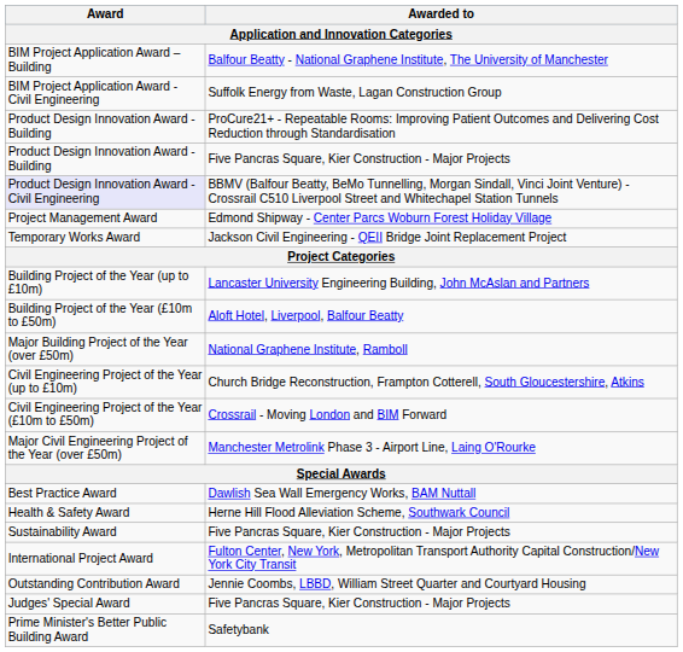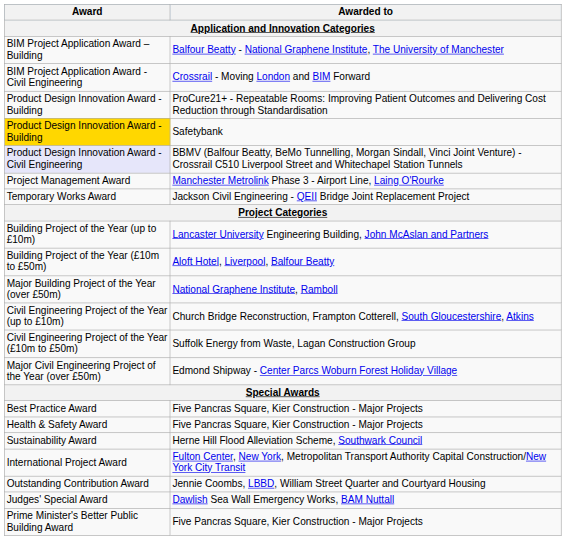 <table class="wikitable mw-collapsible mw-collapsed" border="0" cellpadding="2" cellspacing="2" align="center" width="70%">
 <tr bgcolor="#99CCFF">
 <th align="left" valign="top">Award</th>
 <th align="left" valign="top">Awarded to</th>
 </tr>
 <tr>
 <th colspan="2"><u>Application and Innovation Categories</u></th>
 </tr>
 <tr>
 <td>BIM Project Application Award – Building</td>
 <td><a href='#'>Balfour Beatty</a> - <a href='#'>National Graphene Institute</a>, <a href='#'>The University of Manchester</a></td>
 </tr>
 <tr>
 <td>BIM  Project Application Award - Civil Engineering</td>
-<td>Suffolk Energy from Waste, Lagan Construction Group</td>
+<td><a href='#'>Crossrail</a>  - Moving <a href='#'>London</a> and <a href='#'>BIM</a> Forward</td>
 </tr>
 <tr>
 <td>Product Design Innovation Award - Building</td>
 <td>ProCure21+ - Repeatable Rooms: Improving Patient Outcomes and  Delivering Cost Reduction through Standardisation</td>
 </tr>
 <tr>
-<td>Product Design Innovation Award - Building</td>
-<td>Five Pancras Square, Kier Construction - Major Projects</td>
+<td style="background: gold;">Product Design Innovation Award - Building</td>
+<td>Safetybank</td>
 </tr>
 <tr>
 <td style="background: lavender;">Product Design Innovation Award - Civil Engineering</td>
 <td>BBMV (Balfour Beatty, BeMo Tunnelling, Morgan Sindall, Vinci  Joint Venture) - Crossrail C510 Liverpool Street and Whitechapel Station  Tunnels</td>
 </tr>
 <tr>
 <td>Project  Management Award</td>
-<td>Edmond Shipway - <a href='#'>Center Parcs Woburn Forest Holiday Village</a></td>
+<td><a href='#'>Manchester Metrolink</a> Phase 3 - Airport Line, <a href='#'>Laing O'Rourke</a></td>
 </tr>
 <tr>
 <td>Temporary Works Award</td>
 <td>Jackson Civil Engineering - <a href='#'>QEII</a> Bridge Joint Replacement Project</td>
 </tr>
 <tr>
 <th colspan="2"><u>Project Categories</u></th>
 </tr>
 <tr>
 <td>Building Project of the Year (up to £10m)</td>
 <td><a href='#'>Lancaster University</a> Engineering Building, <a href='#'>John McAslan and Partners</a></td>
 </tr>
 <tr>
 <td>Building Project of the Year (£10m to £50m)</td>
 <td><a href='#'>Aloft Hotel</a>, <a href='#'>Liverpool</a>, <a href='#'>Balfour Beatty</a></td>
 </tr>
 <tr>
 <td>Major Building Project of the Year (over £50m)</td>
 <td><a href='#'>National Graphene Institute</a>, <a href='#'>Ramboll</a></td>
 </tr>
 <tr>
 <td>Civil Engineering Project of the Year (up to £10m)</td>
 <td>Church Bridge Reconstruction, Frampton Cotterell, <a href='#'>South Gloucestershire</a>, <a href='#'>Atkins</a></td>
 </tr>
 <tr>
 <td>Civil Engineering Project of the Year (£10m to £50m)</td>
-<td><a href='#'>Crossrail</a>  - Moving <a href='#'>London</a> and <a href='#'>BIM</a> Forward</td>
+<td>Suffolk Energy from Waste, Lagan Construction Group</td>
 </tr>
 <tr>
 <td>Major Civil Engineering Project of the Year (over £50m)</td>
-<td><a href='#'>Manchester Metrolink</a> Phase 3 - Airport Line, <a href='#'>Laing O'Rourke</a></td>
+<td>Edmond Shipway - <a href='#'>Center Parcs Woburn Forest Holiday Village</a></td>
 </tr>
 <tr>
 <th colspan="2"><u>Special Awards</u></th>
 </tr>
 <tr>
 <td>Best Practice Award</td>
-<td><a href='#'>Dawlish</a> Sea Wall Emergency Works, <a href='#'>BAM Nuttall</a></td>
+<td>Five Pancras Square, Kier Construction - Major Projects</td>
 </tr>
 <tr>
 <td>Health & Safety Award</td>
-<td>Herne Hill Flood Alleviation Scheme, <a href='#'>Southwark Council</a></td>
+<td>Five Pancras Square, Kier Construction - Major Projects</td>
 </tr>
 <tr>
 <td>Sustainability Award</td>
-<td>Five Pancras Square, Kier Construction - Major Projects</td>
+<td>Herne Hill Flood Alleviation Scheme, <a href='#'>Southwark Council</a></td>
 </tr>
 <tr>
 <td>International Project Award</td>
 <td><a href='#'>Fulton Center</a>, <a href='#'>New York</a>, Metropolitan Transport Authority Capital Construction/<a href='#'>New York City Transit</a></td>
 </tr>
 <tr>
 <td>Outstanding Contribution Award</td>
 <td>Jennie Coombs, <a href='#'>LBBD</a>, William Street Quarter and Courtyard Housing</td>
 </tr>
 <tr>
 <td>Judges' Special Award</td>
-<td>Five Pancras Square, Kier Construction - Major Projects</td>
+<td><a href='#'>Dawlish</a> Sea Wall Emergency Works, <a href='#'>BAM Nuttall</a></td>
 </tr>
 <tr>
 <td>Prime Minister's Better Public Building Award</td>
-<td>Safetybank</td>
+<td>Five Pancras Square, Kier Construction - Major Projects</td>
 </tr>
 </table>
